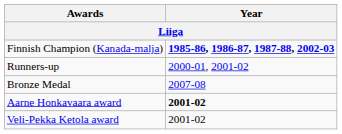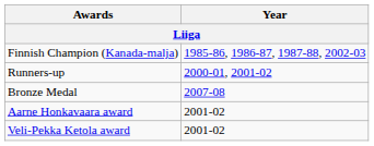 <table class="wikitable">
 <tr>
 <th>Awards</th>
 <th colspan="2">Year</th>
 </tr>
 <tr ALIGN="center" bgcolor="#e0e0e0">
 <th colspan="3"><a href='#'>Liiga</a></th>
 </tr>
 <tr>
 <td>Finnish Champion (<a href='#'>Kanada-malja</a>)</td>
-<td><strong><a href='#'>1985-86</a>, <a href='#'>1986-87</a>, <a href='#'>1987-88</a>, <a href='#'>2002-03</a></strong></td>
+<td><a href='#'>1985-86</a>, <a href='#'>1986-87</a>, <a href='#'>1987-88</a>, <a href='#'>2002-03</a></td>
 </tr>
 <tr>
 <td>Runners-up</td>
 <td><a href='#'>2000-01</a>, <a href='#'>2001-02</a></td>
 </tr>
 <tr>
 <td>Bronze Medal</td>
 <td><a href='#'>2007-08</a></td>
 </tr>
 <tr>
 <td><a href='#'>Aarne Honkavaara award</a></td>
-<td><strong>2001-02</strong></td>
+<td>2001-02</td>
 </tr>
 <tr>
 <td><a href='#'>Veli-Pekka Ketola award</a></td>
 <td>2001-02</td>
 </tr>
 </table>
